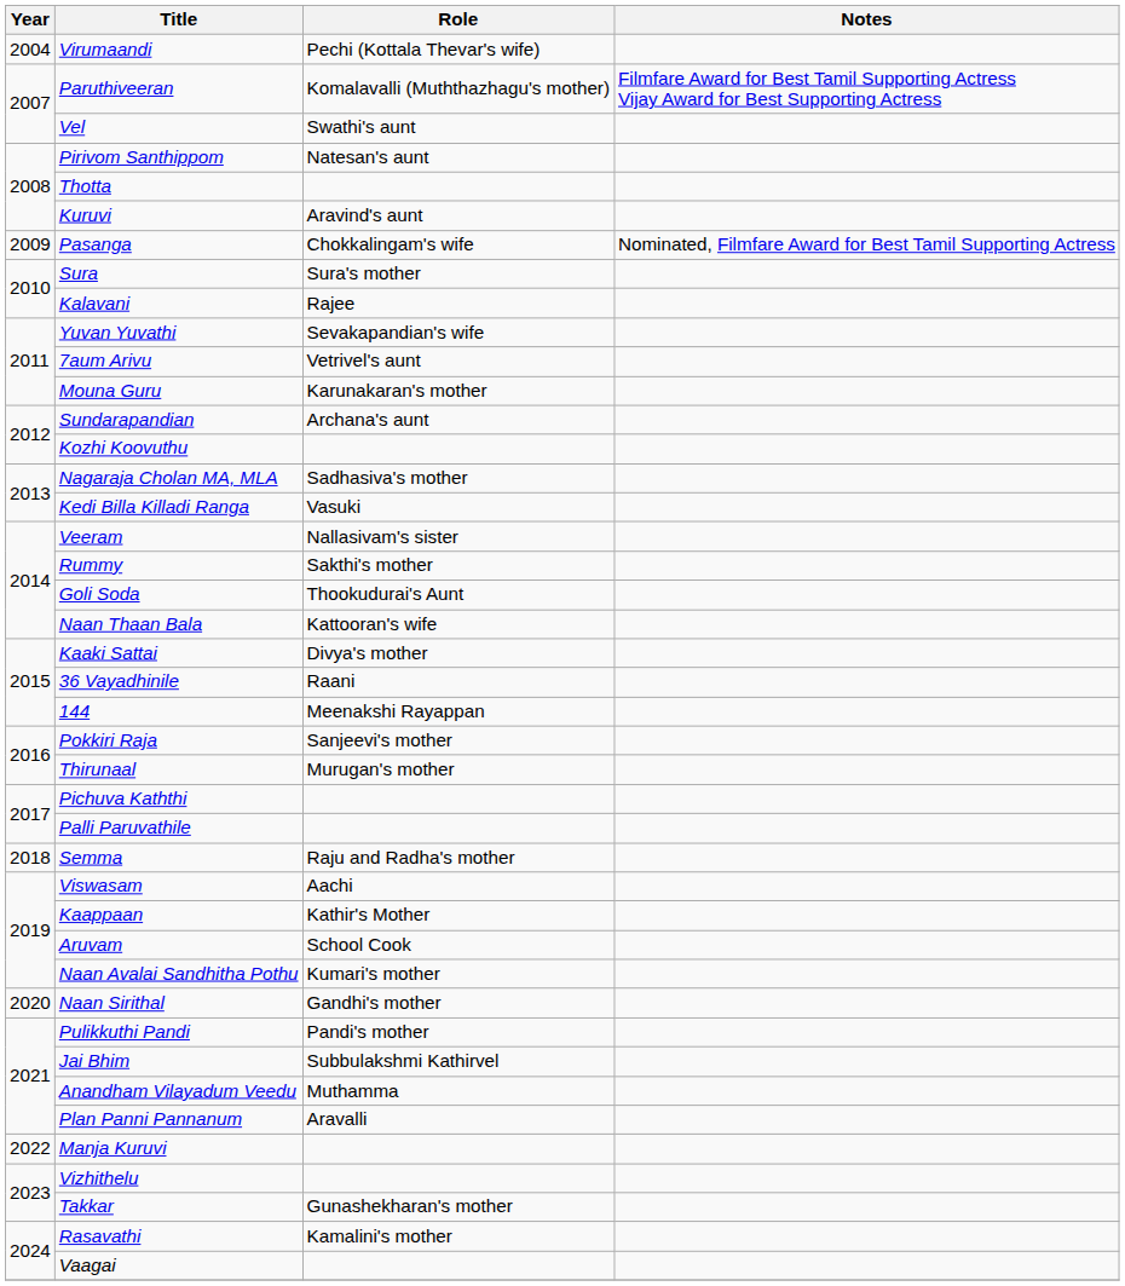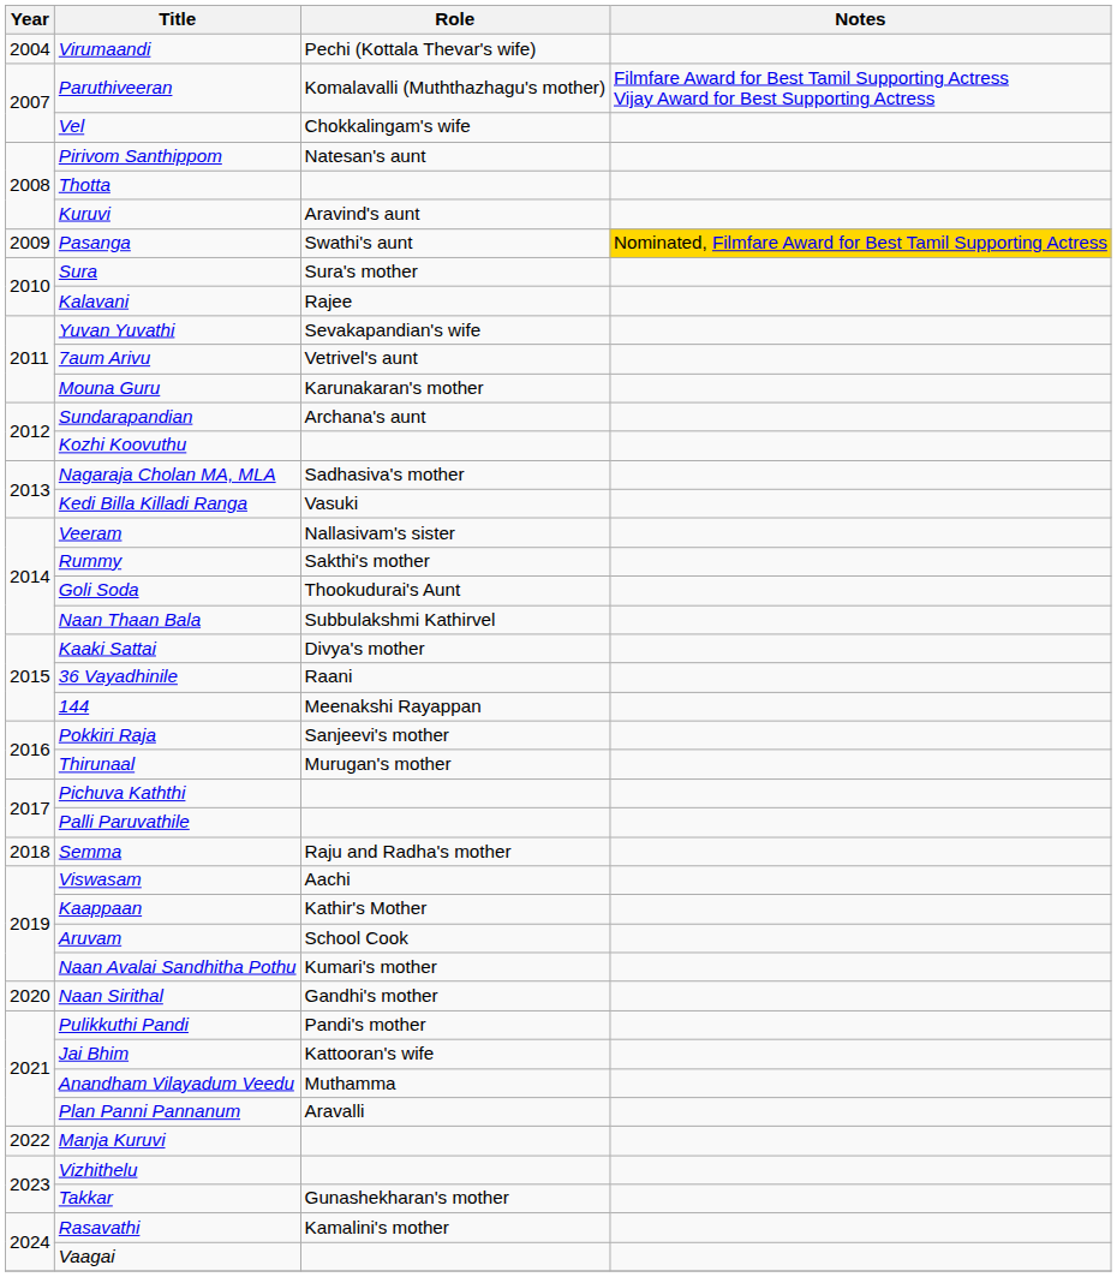 <table class="wikitable sortable">
 <tr>
 <th>Year</th>
 <th>Title</th>
 <th>Role</th>
 <th class="unsortable">Notes</th>
 </tr>
 <tr>
 <td>2004</td>
 <td><em><a href='#'>Virumaandi</a></em></td>
 <td>Pechi (Kottala Thevar's wife)</td>
 <td></td>
 </tr>
 <tr>
 <td rowspan="2">2007</td>
 <td><em><a href='#'>Paruthiveeran</a></em></td>
 <td>Komalavalli (Muththazhagu's mother)</td>
 <td><a href='#'>Filmfare Award for Best Tamil Supporting Actress</a><br><a href='#'>Vijay Award for Best Supporting Actress</a></td>
 </tr>
 <tr>
 <td><em><a href='#'>Vel</a></em></td>
-<td>Swathi's aunt</td>
+<td>Chokkalingam's wife</td>
 <td></td>
 </tr>
 <tr>
 <td rowspan=3>2008</td>
 <td><em><a href='#'>Pirivom Santhippom</a></em></td>
 <td>Natesan's aunt</td>
 <td></td>
 </tr>
 <tr>
 <td><em><a href='#'>Thotta</a></em></td>
 <td></td>
 <td></td>
 </tr>
 <tr>
 <td><em><a href='#'>Kuruvi</a></em></td>
 <td>Aravind's aunt</td>
 <td></td>
 </tr>
 <tr>
 <td>2009</td>
 <td><em><a href='#'>Pasanga</a></em></td>
-<td>Chokkalingam's wife</td>
-<td>Nominated, <a href='#'>Filmfare Award for Best Tamil Supporting Actress</a></td>
+<td>Swathi's aunt</td>
+<td style="background: gold;">Nominated, <a href='#'>Filmfare Award for Best Tamil Supporting Actress</a></td>
 </tr>
 <tr>
 <td rowspan=2>2010</td>
 <td><em><a href='#'>Sura</a></em></td>
 <td>Sura's mother</td>
 <td></td>
 </tr>
 <tr>
 <td><em><a href='#'>Kalavani</a></em></td>
 <td>Rajee</td>
 <td></td>
 </tr>
 <tr>
 <td rowspan=3>2011</td>
 <td><em><a href='#'>Yuvan Yuvathi</a></em></td>
 <td>Sevakapandian's wife</td>
 <td></td>
 </tr>
 <tr>
 <td><em><a href='#'>7aum Arivu</a></em></td>
 <td>Vetrivel's aunt</td>
 <td></td>
 </tr>
 <tr>
 <td><em><a href='#'>Mouna Guru</a></em></td>
 <td>Karunakaran's mother</td>
 <td></td>
 </tr>
 <tr>
 <td rowspan=2>2012</td>
 <td><em><a href='#'>Sundarapandian</a></em></td>
 <td>Archana's aunt</td>
 <td></td>
 </tr>
 <tr>
 <td><em><a href='#'>Kozhi Koovuthu</a></em></td>
 <td></td>
 <td></td>
 </tr>
 <tr>
 <td rowspan=2>2013</td>
 <td><em><a href='#'>Nagaraja Cholan MA, MLA</a></em></td>
 <td>Sadhasiva's mother</td>
 <td></td>
 </tr>
 <tr>
 <td><em><a href='#'>Kedi Billa Killadi Ranga</a></em></td>
 <td>Vasuki</td>
 <td></td>
 </tr>
 <tr>
 <td rowspan=4>2014</td>
 <td><em><a href='#'>Veeram</a></em></td>
 <td>Nallasivam's sister</td>
 <td></td>
 </tr>
 <tr>
 <td><em><a href='#'>Rummy</a></em></td>
 <td>Sakthi's mother</td>
 <td></td>
 </tr>
 <tr>
 <td><em><a href='#'>Goli Soda</a></em></td>
 <td>Thookudurai's Aunt</td>
 <td></td>
 </tr>
 <tr>
 <td><em><a href='#'>Naan Thaan Bala</a></em></td>
-<td>Kattooran's wife</td>
+<td>Subbulakshmi Kathirvel</td>
 <td></td>
 </tr>
 <tr>
 <td rowspan=3>2015</td>
 <td><em><a href='#'>Kaaki Sattai</a></em></td>
 <td>Divya's mother</td>
 <td></td>
 </tr>
 <tr>
 <td><em><a href='#'>36 Vayadhinile</a></em></td>
 <td>Raani</td>
 <td></td>
 </tr>
 <tr>
 <td><em><a href='#'>144</a></em></td>
 <td>Meenakshi Rayappan</td>
 <td></td>
 </tr>
 <tr>
 <td rowspan=2>2016</td>
 <td><em><a href='#'>Pokkiri Raja</a></em></td>
 <td>Sanjeevi's mother</td>
 <td></td>
 </tr>
 <tr>
 <td><em><a href='#'>Thirunaal</a></em></td>
 <td>Murugan's mother</td>
 <td></td>
 </tr>
 <tr>
 <td rowspan=2>2017</td>
 <td><em><a href='#'>Pichuva Kaththi</a></em></td>
 <td></td>
 <td></td>
 </tr>
 <tr>
 <td><em><a href='#'>Palli Paruvathile</a></em></td>
 <td></td>
 <td></td>
 </tr>
 <tr>
 <td>2018</td>
 <td><em><a href='#'>Semma</a></em></td>
 <td>Raju and Radha's mother</td>
 <td></td>
 </tr>
 <tr>
 <td rowspan=4>2019</td>
 <td><em><a href='#'>Viswasam</a></em></td>
 <td>Aachi</td>
 <td></td>
 </tr>
 <tr>
 <td><em><a href='#'>Kaappaan</a></em></td>
 <td>Kathir's Mother</td>
 <td></td>
 </tr>
 <tr>
 <td><em><a href='#'>Aruvam</a></em></td>
 <td>School Cook</td>
 <td></td>
 </tr>
 <tr>
 <td><em><a href='#'>Naan Avalai Sandhitha Pothu</a></em></td>
 <td>Kumari's mother</td>
 <td></td>
 </tr>
 <tr>
 <td>2020</td>
 <td><em><a href='#'>Naan Sirithal</a></em></td>
 <td>Gandhi's mother</td>
 <td></td>
 </tr>
 <tr>
 <td rowspan=4>2021</td>
 <td><em><a href='#'>Pulikkuthi Pandi</a></em></td>
 <td>Pandi's mother</td>
 <td></td>
 </tr>
 <tr>
 <td><em><a href='#'>Jai Bhim</a></em></td>
-<td>Subbulakshmi Kathirvel</td>
+<td>Kattooran's wife</td>
 <td></td>
 </tr>
 <tr>
 <td><em><a href='#'>Anandham Vilayadum Veedu</a></em></td>
 <td>Muthamma</td>
 <td></td>
 </tr>
 <tr>
 <td><em><a href='#'>Plan Panni Pannanum</a></em></td>
 <td>Aravalli</td>
 <td></td>
 </tr>
 <tr>
 <td>2022</td>
 <td><em><a href='#'>Manja Kuruvi</a></em></td>
 <td></td>
 <td></td>
 </tr>
 <tr>
 <td rowspan=2>2023</td>
 <td><em><a href='#'>Vizhithelu</a></em></td>
 <td></td>
 <td></td>
 </tr>
 <tr>
 <td><em><a href='#'>Takkar</a></em></td>
 <td>Gunashekharan's mother</td>
 <td></td>
 </tr>
 <tr>
 <td rowspan=2>2024</td>
 <td><em><a href='#'>Rasavathi</a></em></td>
 <td>Kamalini's mother</td>
 <td></td>
 </tr>
 <tr>
 <td><em>Vaagai</em></td>
 <td></td>
 <td></td>
 </tr>
 <tr>
 </tr>
 </table>
